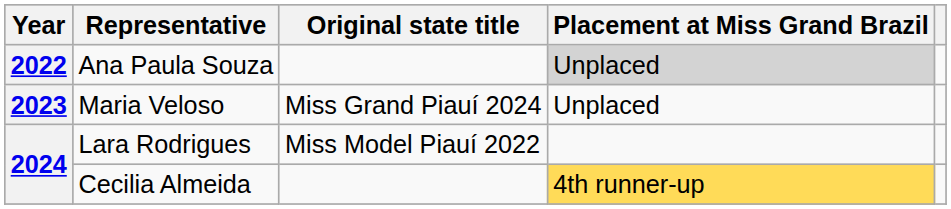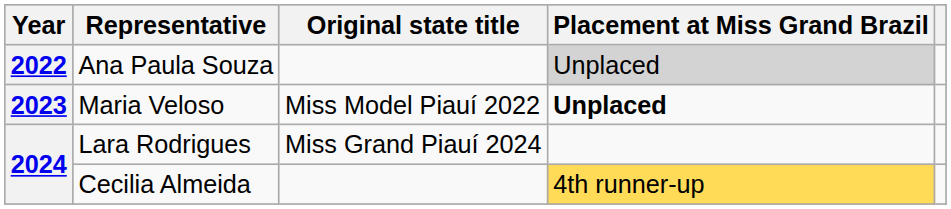 <table class="wikitable defaultcenter col2left" style="font-size:95%;">
 <tr>
 <th>Year</th>
 <th>Representative</th>
 <th>Original state title</th>
 <th>Placement at Miss Grand Brazil</th>
 <th></th>
 </tr>
 <tr>
 <th><a href='#'>2022</a></th>
 <td>Ana Paula Souza</td>
 <td></td>
 <td style="background: lightgrey;">Unplaced</td>
 <td></td>
 </tr>
 <tr>
 <th><a href='#'>2023</a></th>
 <td>Maria Veloso</td>
-<td>Miss Grand Piauí 2024</td>
-<td>Unplaced</td>
+<td>Miss Model Piauí 2022</td>
+<td><strong>Unplaced</strong></td>
 <td></td>
 </tr>
 <tr>
 <th rowspan=2><a href='#'>2024</a></th>
 <td>Lara Rodrigues</td>
-<td>Miss Model Piauí 2022</td>
+<td>Miss Grand Piauí 2024</td>
 <td></td>
 <td></td>
 </tr>
 <tr>
 <td>Cecilia Almeida</td>
 <td></td>
 <td bgcolor=#FFDB58>4th runner-up</td>
 <td></td>
 </tr>
 </table>
